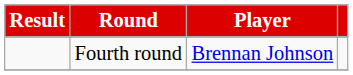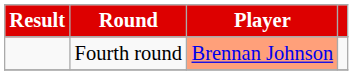 <table class="wikitable" style="text-align:left">
 <tr>
 <th style="background:#DD0000; color:#FFFFFF;">Result</th>
 <th style="background:#DD0000; color:#FFFFFF;">Round</th>
 <th style="background:#DD0000;color:#FFFFFF;">Player</th>
 <th style="background:#DD0000; color:#FFFFFF;"></th>
 </tr>
 <tr>
 </tr>
 <tr>
 <td></td>
 <td>Fourth round</td>
-<td> <a href='#'>Brennan Johnson</a></td>
+<td style="background: lightsalmon;"> <a href='#'>Brennan Johnson</a></td>
 <td></td>
 </tr>
 <tr>
 </tr>
 </table>
